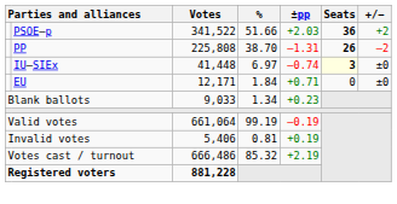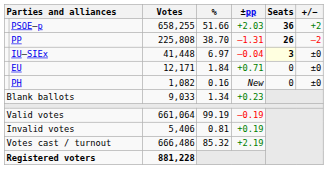 <table class="wikitable" style="text-align:right;">
 <tr>
 <th style="text-align:left;" colspan="2" width="200">Parties and alliances</th>
 <th width="75">Votes</th>
 <th width="45">%</th>
 <th width="45">±<a href='#'>pp</a></th>
 <th width="35">Seats</th>
 <th width="35">+/−</th>
 </tr>
 <tr>
 <td width="1" style="color:inherit;background:"></td>
 <td align="left"><a href='#'>PSOE</a>–<a href='#'>p</a></td>
-<td>341,522</td>
+<td>658,255</td>
 <td>51.66</td>
 <td style="color:green;">+2.03</td>
 <td><strong>36</strong></td>
 <td style="color:green;">+2</td>
 </tr>
 <tr>
 <td style="color:inherit;background:"></td>
 <td align="left"><a href='#'>PP</a></td>
 <td>225,808</td>
 <td>38.70</td>
 <td style="color:red;">–1.31</td>
 <td><strong>26</strong></td>
 <td style="color:red;">–2</td>
 </tr>
 <tr>
 <td style="color:inherit;background:"></td>
 <td align="left"><a href='#'>IU</a>–<a href='#'>SIEx</a></td>
 <td>41,448</td>
 <td>6.97</td>
-<td style="color:red;">–0.74</td>
+<td style="color:red;">–0.04</td>
 <td style="background: lightyellow;"><strong>3</strong></td>
 <td>±0</td>
 </tr>
 <tr>
 <td style="color:inherit;background:"></td>
 <td align="left"><a href='#'>EU</a></td>
 <td>12,171</td>
 <td>1.84</td>
 <td style="color:green;">+0.71</td>
+<td>0</td>
+<td>±0</td>
+</tr>
+<tr>
+<td style="color:inherit;background:"></td>
+<td align="left"><a href='#'>PH</a></td>
+<td>1,082</td>
+<td>0.16</td>
+<td><em>New</em></td>
 <td>0</td>
 <td>±0</td>
 </tr>
 <tr>
 <td align="left" colspan="2">Blank ballots</td>
 <td>9,033</td>
 <td>1.34</td>
 <td style="color:green;">+0.23</td>
 <td bgcolor="#E9E9E9" colspan="2"></td>
 </tr>
 <tr>
 <td colspan="7" bgcolor="#E9E9E9"></td>
 </tr>
 <tr>
 <td align="left" colspan="2">Valid votes</td>
 <td>661,064</td>
 <td>99.19</td>
 <td style="color:red;">–0.19</td>
 <td bgcolor="#E9E9E9" colspan="2" rowspan="4"></td>
 </tr>
 <tr>
 <td align="left" colspan="2">Invalid votes</td>
 <td>5,406</td>
 <td>0.81</td>
 <td style="color:green;">+0.19</td>
 </tr>
 <tr>
 <td align="left" colspan="2">Votes cast / turnout</td>
 <td>666,486</td>
 <td>85.32</td>
 <td style="color:green;">+2.19</td>
 </tr>
 <tr style="font-weight:bold;">
 <td align="left" colspan="2">Registered voters</td>
 <td>881,228</td>
 <td bgcolor="#E9E9E9" colspan="2"></td>
 </tr>
 </table>
